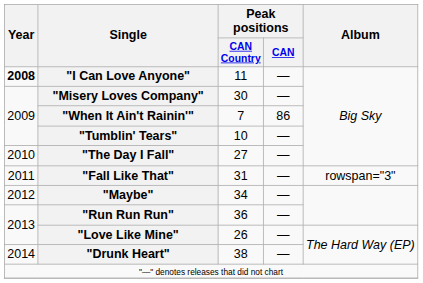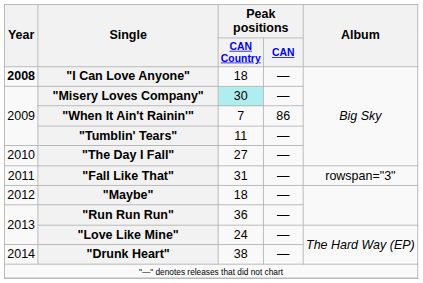 <table class="wikitable plainrowheaders" style="text-align:center;">
 <tr>
 <th rowspan="2">Year</th>
 <th rowspan="2" style="width:14em;">Single</th>
 <th colspan="2">Peak positions</th>
 <th rowspan="2">Album</th>
 </tr>
 <tr style="font-size:smaller;">
 <th width="45"><a href='#'>CAN Country</a><br></th>
 <th width="45"><a href='#'>CAN</a><br></th>
 </tr>
 <tr>
 <td><strong>2008</strong></td>
 <th scope="row">"I Can Love Anyone"</th>
-<td>11</td>
+<td>18</td>
 <td>—</td>
 <td align="center" rowspan="5"><em>Big Sky</em></td>
 </tr>
 <tr>
 <td rowspan="3">2009</td>
 <th scope="row">"Misery Loves Company"</th>
-<td>30</td>
+<td style="background: paleturquoise;">30</td>
 <td>—</td>
 </tr>
 <tr>
 <th scope="row">"When It Ain't Rainin'"</th>
 <td>7</td>
 <td>86</td>
 </tr>
 <tr>
 <th scope="row">"Tumblin' Tears"</th>
-<td>10</td>
+<td>11</td>
 <td>—</td>
 </tr>
 <tr>
 <td>2010</td>
 <th scope="row">"The Day I Fall"</th>
 <td>27</td>
 <td>—</td>
 </tr>
 <tr>
 <td>2011</td>
 <th scope="row">"Fall Like That"</th>
 <td>31</td>
 <td>—</td>
 <td>rowspan="3" </td>
 </tr>
 <tr>
 <td>2012</td>
 <th scope="row">"Maybe"</th>
-<td>34</td>
+<td>18</td>
 <td>—</td>
 </tr>
 <tr>
 <td rowspan="2">2013</td>
 <th scope="row">"Run Run Run"</th>
 <td>36</td>
 <td>—</td>
 </tr>
 <tr>
 <th scope="row">"Love Like Mine"</th>
-<td>26</td>
+<td>24</td>
 <td>—</td>
 <td align="center" rowspan="2"><em>The Hard Way (EP)</em></td>
 </tr>
 <tr>
 <td>2014</td>
 <th scope="row">"Drunk Heart"</th>
 <td>38</td>
 <td>—</td>
 </tr>
 <tr>
 <td colspan="5" style="font-size:8pt">"—" denotes releases that did not chart</td>
 </tr>
 <tr>
 </tr>
 </table>
